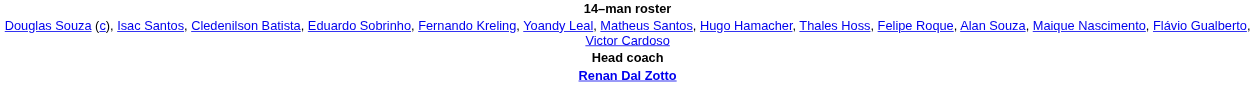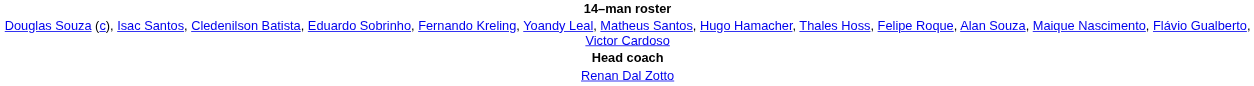 <table style="text-align:center; margin-top:2em; margin-left:auto; margin-right:auto">
 <tr>
 <td><strong>14–man roster</strong></td>
 </tr>
 <tr>
 <td><a href='#'>Douglas Souza</a> (<a href='#'>c</a>), <a href='#'>Isac Santos</a>, <a href='#'>Cledenilson Batista</a>, <a href='#'>Eduardo Sobrinho</a>, <a href='#'>Fernando Kreling</a>, <a href='#'>Yoandy Leal</a>, <a href='#'>Matheus Santos</a>, <a href='#'>Hugo Hamacher</a>, <a href='#'>Thales Hoss</a>, <a href='#'>Felipe Roque</a>, <a href='#'>Alan Souza</a>, <a href='#'>Maique Nascimento</a>, <a href='#'>Flávio Gualberto</a>, <a href='#'>Victor Cardoso</a></td>
 </tr>
 <tr>
 <td><strong>Head coach</strong></td>
 </tr>
 <tr>
-<td><strong><a href='#'>Renan Dal Zotto</a></strong></td>
+<td><a href='#'>Renan Dal Zotto</a></td>
 </tr>
 </table>
